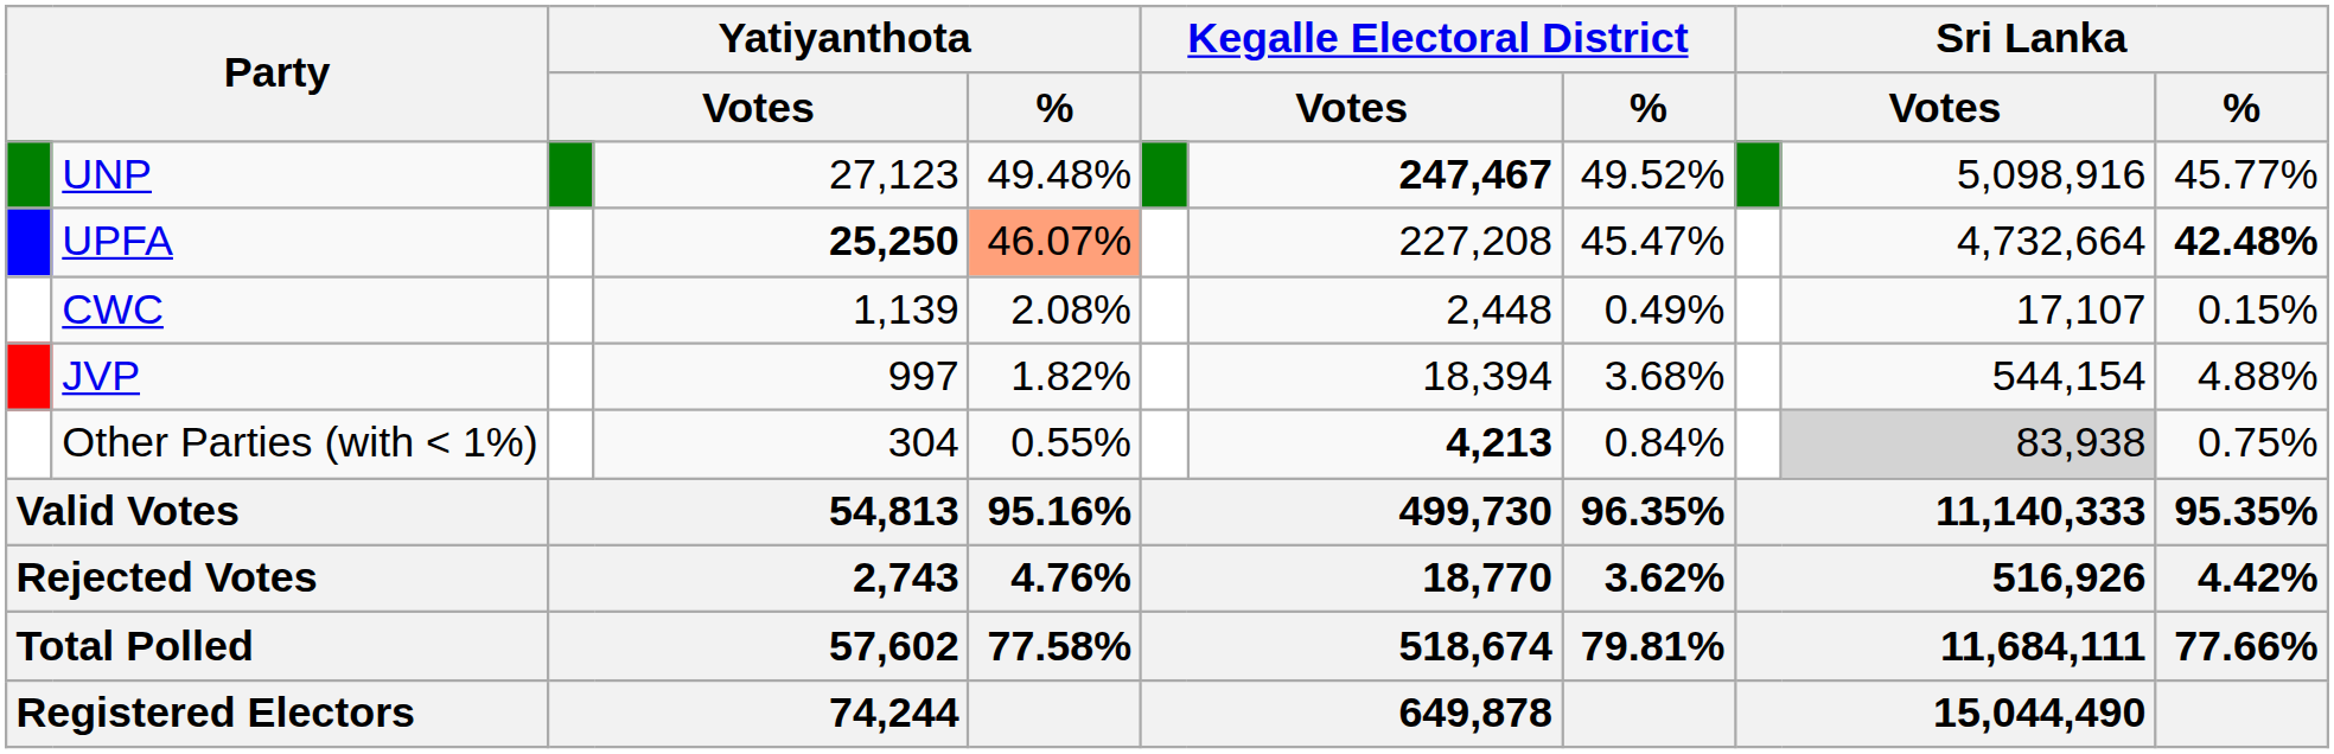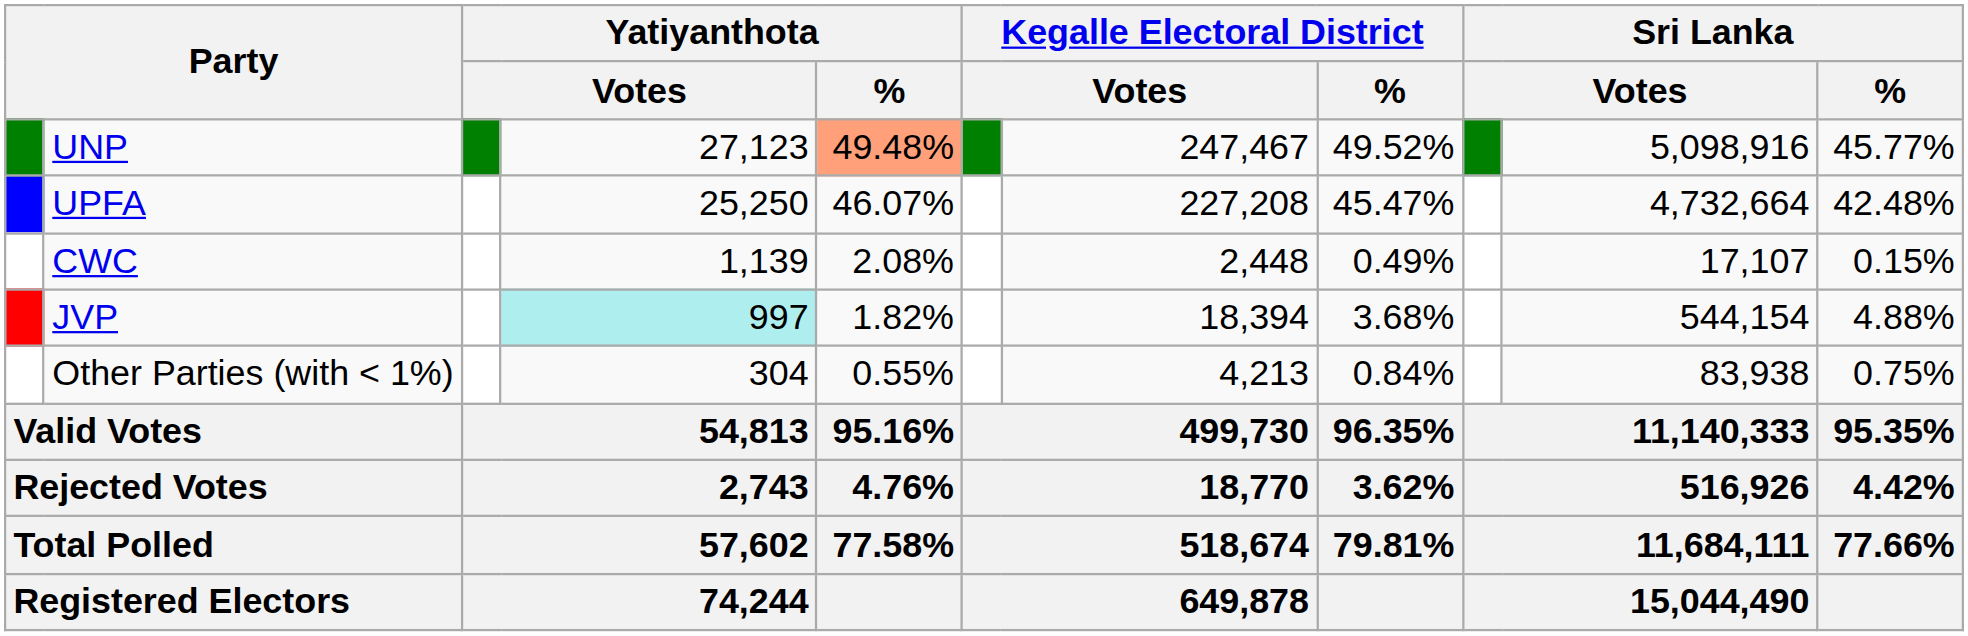 <table class="wikitable">
 <tr>
 <th colspan="2" width="144px"rowspan="2">Party</th>
 <th colspan="3" width="216px">Yatiyanthota</th>
 <th colspan="3" width="216px"><a href='#'>Kegalle Electoral District</a></th>
 <th colspan="3" width="216px">Sri Lanka</th>
 </tr>
 <tr>
 <th colspan="2" width="144px">Votes</th>
 <th>%</th>
 <th colspan="2" width="144px">Votes</th>
 <th>%</th>
 <th colspan="2" width="144px">Votes</th>
 <th>%</th>
 </tr>
 <tr>
 <td style="background-color:green;" width="10px"></td>
 <td style="text-align:left;"><a href='#'>UNP</a></td>
 <td style="background-color:green;" width="10px"></td>
 <td style="text-align:right;">27,123</td>
-<td style="text-align:right;">49.48%</td>
+<td style="background: lightsalmon; text-align:right;">49.48%</td>
 <td style="background-color:green;" width="10px"></td>
-<td style="text-align:right;"><strong>247,467</strong></td>
+<td style="text-align:right;">247,467</td>
 <td style="text-align:right;">49.52%</td>
 <td style="background-color:green;" width="10px"></td>
 <td style="text-align:right;">5,098,916</td>
 <td style="text-align:right;">45.77%</td>
 </tr>
 <tr>
 <td style="background-color:blue;" width="10px"></td>
 <td style="text-align:left;"><a href='#'>UPFA</a></td>
 <td style="background-color:white;" width="10px"></td>
-<td style="text-align:right;"><strong>25,250</strong></td>
-<td style="background: lightsalmon; text-align:right;">46.07%</td>
+<td style="text-align:right;">25,250</td>
+<td style="text-align:right;">46.07%</td>
 <td style="background-color:white;" width="10px"></td>
 <td style="text-align:right;">227,208</td>
 <td style="text-align:right;">45.47%</td>
 <td style="background-color:white;" width="10px"></td>
 <td style="text-align:right;">4,732,664</td>
-<td style="text-align:right;"><strong>42.48%</strong></td>
+<td style="text-align:right;">42.48%</td>
 </tr>
 <tr>
 <td style="background-color:white;" width="10px"></td>
 <td style="text-align:left;"><a href='#'>CWC</a></td>
 <td style="background-color:white;" width="10px"></td>
 <td style="text-align:right;">1,139</td>
 <td style="text-align:right;">2.08%</td>
 <td style="background-color:white;" width="10px"></td>
 <td style="text-align:right;">2,448</td>
 <td style="text-align:right;">0.49%</td>
 <td style="background-color:white;" width="10px"></td>
 <td style="text-align:right;">17,107</td>
 <td style="text-align:right;">0.15%</td>
 </tr>
 <tr>
 <td style="background-color:red;" width="10px"></td>
 <td style="text-align:left;"><a href='#'>JVP</a></td>
 <td style="background-color:white;" width="10px"></td>
-<td style="text-align:right;">997</td>
+<td style="background: paleturquoise; text-align:right;">997</td>
 <td style="text-align:right;">1.82%</td>
 <td style="background-color:white;" width="10px"></td>
 <td style="text-align:right;">18,394</td>
 <td style="text-align:right;">3.68%</td>
 <td style="background-color:white;" width="10px"></td>
 <td style="text-align:right;">544,154</td>
 <td style="text-align:right;">4.88%</td>
 </tr>
 <tr>
 <td style="background-color:white;" width="10px"></td>
 <td style="text-align:left;">Other Parties (with < 1%)</td>
 <td style="background-color:white;" width="10px"></td>
 <td style="text-align:right;">304</td>
 <td style="text-align:right;">0.55%</td>
 <td style="background-color:white;" width="10px"></td>
-<td style="text-align:right;"><strong>4,213</strong></td>
+<td style="text-align:right;">4,213</td>
 <td style="text-align:right;">0.84%</td>
 <td style="background-color:white;" width="10px"></td>
-<td style="background: lightgrey; text-align:right;">83,938</td>
+<td style="text-align:right;">83,938</td>
 <td style="text-align:right;">0.75%</td>
 </tr>
 <tr>
 <th colspan="2" width="144px"style="text-align:left;">Valid Votes</th>
 <th style="text-align:right;"colspan="2" width="144px">54,813</th>
 <th style="text-align:right;">95.16%</th>
 <th style="text-align:right;"colspan="2" width="144px">499,730</th>
 <th style="text-align:right;">96.35%</th>
 <th style="text-align:right;"colspan="2" width="144px">11,140,333</th>
 <th style="text-align:right;">95.35%</th>
 </tr>
 <tr>
 <th colspan="2" width="144px"style="text-align:left;">Rejected Votes</th>
 <th style="text-align:right;"colspan="2" width="144px">2,743</th>
 <th style="text-align:right;">4.76%</th>
 <th style="text-align:right;"colspan="2" width="144px">18,770</th>
 <th style="text-align:right;">3.62%</th>
 <th style="text-align:right;"colspan="2" width="144px">516,926</th>
 <th style="text-align:right;">4.42%</th>
 </tr>
 <tr>
 <th colspan="2" width="144px"style="text-align:left;">Total Polled</th>
 <th style="text-align:right;"colspan="2" width="144px">57,602</th>
 <th style="text-align:right;">77.58%</th>
 <th style="text-align:right;"colspan="2" width="144px">518,674</th>
 <th style="text-align:right;">79.81%</th>
 <th style="text-align:right;"colspan="2" width="144px">11,684,111</th>
 <th style="text-align:right;">77.66%</th>
 </tr>
 <tr>
 <th colspan="2" width="144px"style="text-align:left;">Registered Electors</th>
 <th style="text-align:right;"colspan="2" width="144px">74,244</th>
 <th></th>
 <th style="text-align:right;"colspan="2" width="144px">649,878</th>
 <th></th>
 <th style="text-align:right;"colspan="2" width="144px">15,044,490</th>
 <th></th>
 </tr>
 </table>
